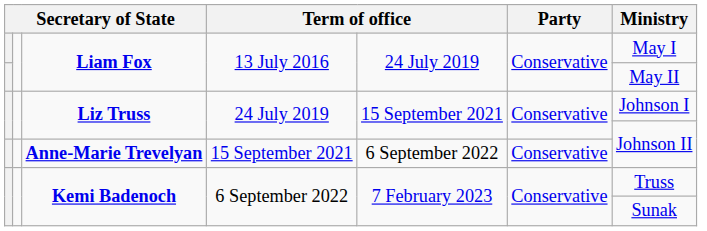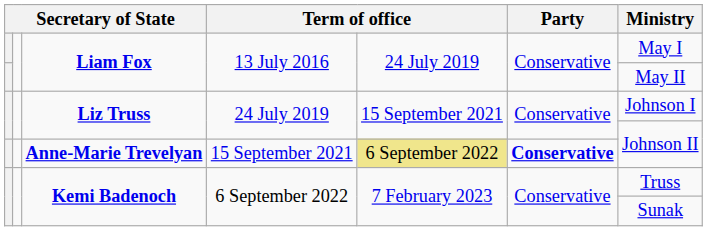 <table class="wikitable plainrowheaders" style="text-align:center">
 <tr>
 <th colspan=3>Secretary of State</th>
 <th colspan=2>Term of office</th>
 <th>Party</th>
 <th>Ministry</th>
 </tr>
 <tr style="height:1em">
 <th style="background-color: "></th>
 <td rowspan=2></td>
 <td rowspan=2><strong><a href='#'>Liam Fox</a></strong><br></td>
 <td rowspan=2><a href='#'>13 July 2016</a></td>
 <td rowspan=2><a href='#'>24 July 2019</a></td>
 <td rowspan=2 ><a href='#'>Conservative</a></td>
 <td><a href='#'>May I</a></td>
 </tr>
 <tr style="height:1em">
 <th style="background-color: "></th>
 <td rowspan=1 ><a href='#'>May II</a></td>
 </tr>
 <tr style="height:1em">
 <th rowspan=2 style="background-color: "></th>
 <td rowspan=2></td>
 <td rowspan=2><strong><a href='#'>Liz Truss</a></strong><br></td>
 <td rowspan=2><a href='#'>24 July 2019</a></td>
 <td rowspan=2><a href='#'>15 September 2021</a></td>
 <td rowspan=2 ><a href='#'>Conservative</a></td>
 <td><a href='#'>Johnson I</a></td>
 </tr>
 <tr style="height:1em">
 <td rowspan=2 ><a href='#'>Johnson II</a></td>
 </tr>
 <tr style="height:1em">
 <th style="background-color: "></th>
 <td></td>
 <td><strong><a href='#'>Anne-Marie Trevelyan</a></strong><br></td>
 <td><a href='#'>15 September 2021</a></td>
-<td>6 September 2022</td>
-<td><a href='#'>Conservative</a></td>
+<td style="background: khaki;">6 September 2022</td>
+<td><strong><a href='#'>Conservative</a></strong></td>
 </tr>
 <tr style="height:1em">
 <th rowspan=2 style="background-color: "></th>
 <td rowspan=2></td>
 <td rowspan=2><strong><a href='#'>Kemi Badenoch</a></strong><br></td>
 <td rowspan=2>6 September 2022</td>
 <td rowspan=2><a href='#'>7 February 2023</a></td>
 <td rowspan=2 ><a href='#'>Conservative</a></td>
 <td><a href='#'>Truss</a></td>
 </tr>
 <tr style="height:1em">
 <td><a href='#'>Sunak</a></td>
 </tr>
 </table>
